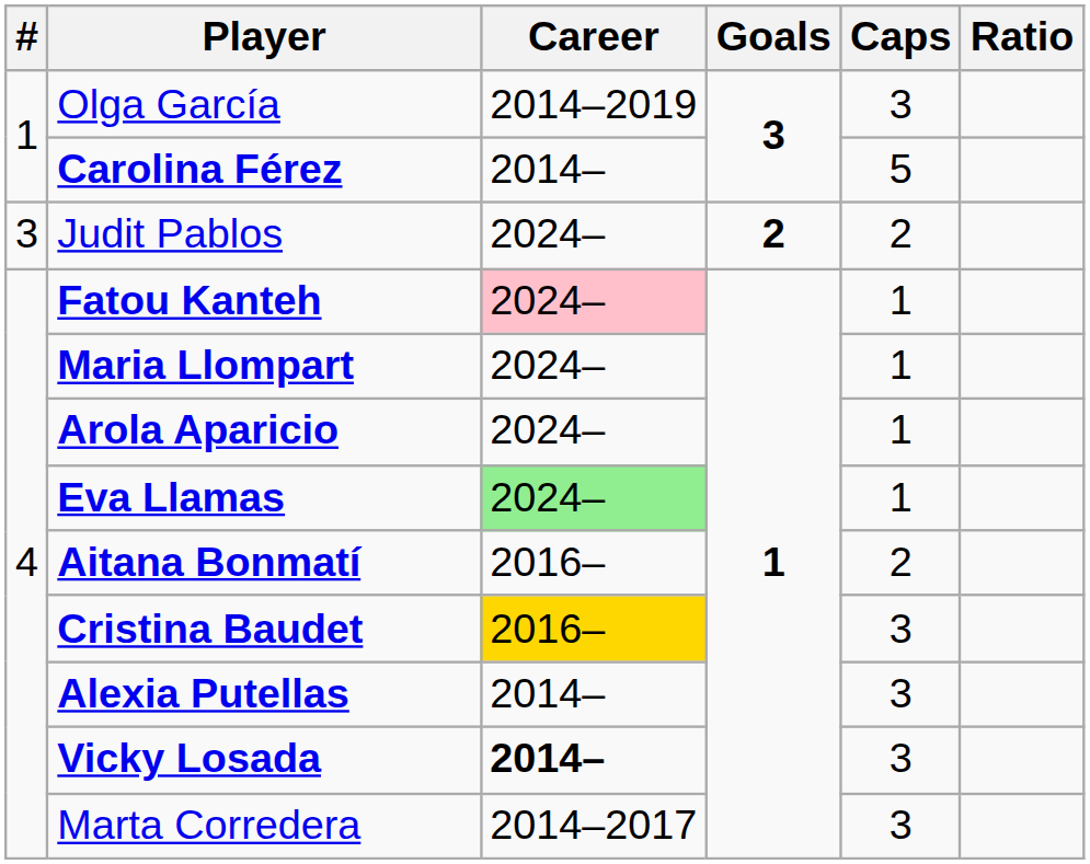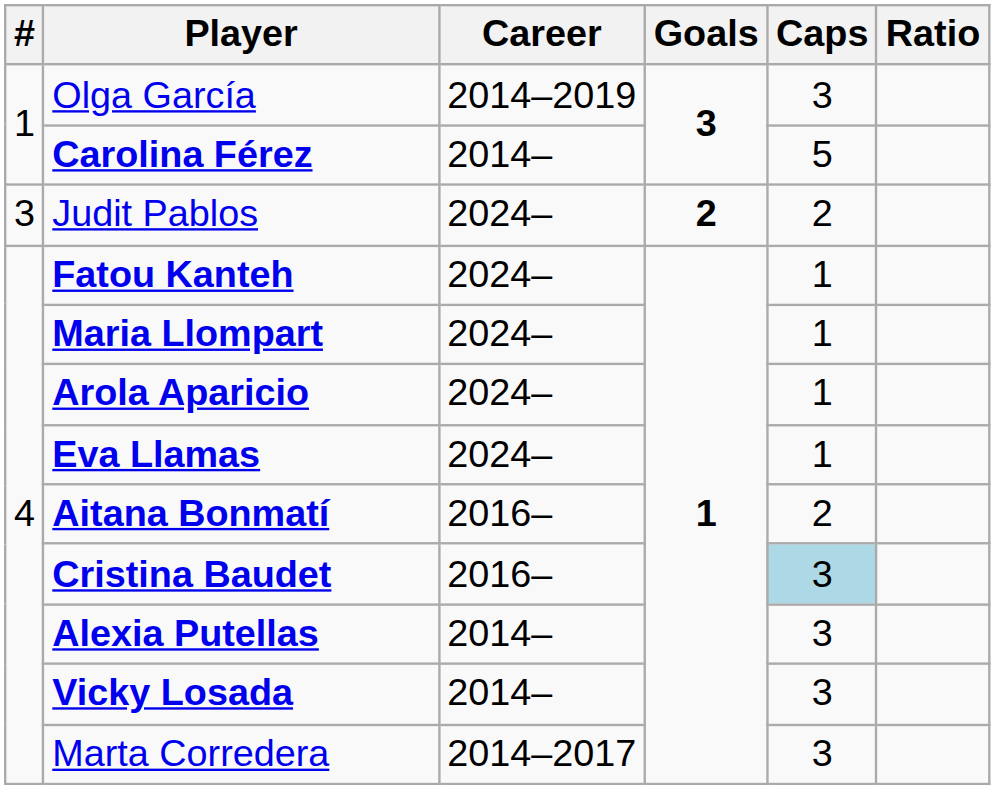 <table class="wikitable" style="text-align: center;">
 <tr>
 <th>#</th>
 <th style="width:160px;">Player</th>
 <th>Career</th>
 <th>Goals</th>
 <th>Caps</th>
 <th>Ratio</th>
 </tr>
 <tr>
 <td rowspan=2>1</td>
 <td style="text-align:left;"><a href='#'>Olga García</a></td>
 <td style="text-align:left;">2014–2019</td>
 <td rowspan=2><strong>3</strong></td>
 <td>3</td>
 <td></td>
 </tr>
 <tr>
 <td style="text-align:left;"><strong><a href='#'>Carolina Férez</a></strong></td>
 <td style="text-align:left;">2014–</td>
 <td>5</td>
 <td></td>
 </tr>
 <tr>
 <td>3</td>
 <td style="text-align:left;"><a href='#'>Judit Pablos</a></td>
 <td style="text-align:left;">2024–</td>
 <td><strong>2</strong></td>
 <td>2</td>
 <td></td>
 </tr>
 <tr>
 <td rowspan=9>4</td>
 <td style="text-align:left;"><strong><a href='#'>Fatou Kanteh</a></strong></td>
-<td style="background: pink; text-align:left;">2024–</td>
+<td style="text-align:left;">2024–</td>
 <td rowspan=9><strong>1</strong></td>
 <td>1</td>
 <td></td>
 </tr>
 <tr>
 <td style="text-align:left;"><strong><a href='#'>Maria Llompart</a></strong></td>
 <td style="text-align:left;">2024–</td>
 <td>1</td>
 <td></td>
 </tr>
 <tr>
 <td style="text-align:left;"><strong><a href='#'>Arola Aparicio</a></strong></td>
 <td style="text-align:left;">2024–</td>
 <td>1</td>
 <td></td>
 </tr>
 <tr>
 <td style="text-align:left"><strong><a href='#'>Eva Llamas</a></strong></td>
-<td style="background: lightgreen; text-align:left;">2024–</td>
+<td style="text-align:left;">2024–</td>
 <td>1</td>
 <td></td>
 </tr>
 <tr>
 <td style="text-align:left"><strong><a href='#'>Aitana Bonmatí</a></strong></td>
 <td style="text-align:left;">2016–</td>
 <td>2</td>
 <td></td>
 </tr>
 <tr>
 <td style="text-align:left"><strong><a href='#'>Cristina Baudet</a></strong></td>
-<td style="background: gold; text-align:left;">2016–</td>
-<td>3</td>
+<td style="text-align:left;">2016–</td>
+<td style="background: lightblue;">3</td>
 <td></td>
 </tr>
 <tr>
 <td style="text-align:left"><strong><a href='#'>Alexia Putellas</a></strong></td>
 <td style="text-align:left;">2014–</td>
 <td>3</td>
 <td></td>
 </tr>
 <tr>
 <td style="text-align:left;"><strong><a href='#'>Vicky Losada</a></strong></td>
-<td style="text-align:left;"><strong>2014–</strong></td>
+<td style="text-align:left;">2014–</td>
 <td>3</td>
 <td></td>
 </tr>
 <tr>
 <td style="text-align:left;"><a href='#'>Marta Corredera</a></td>
 <td style="text-align:left;">2014–2017</td>
 <td>3</td>
 <td></td>
 </tr>
 </table>
